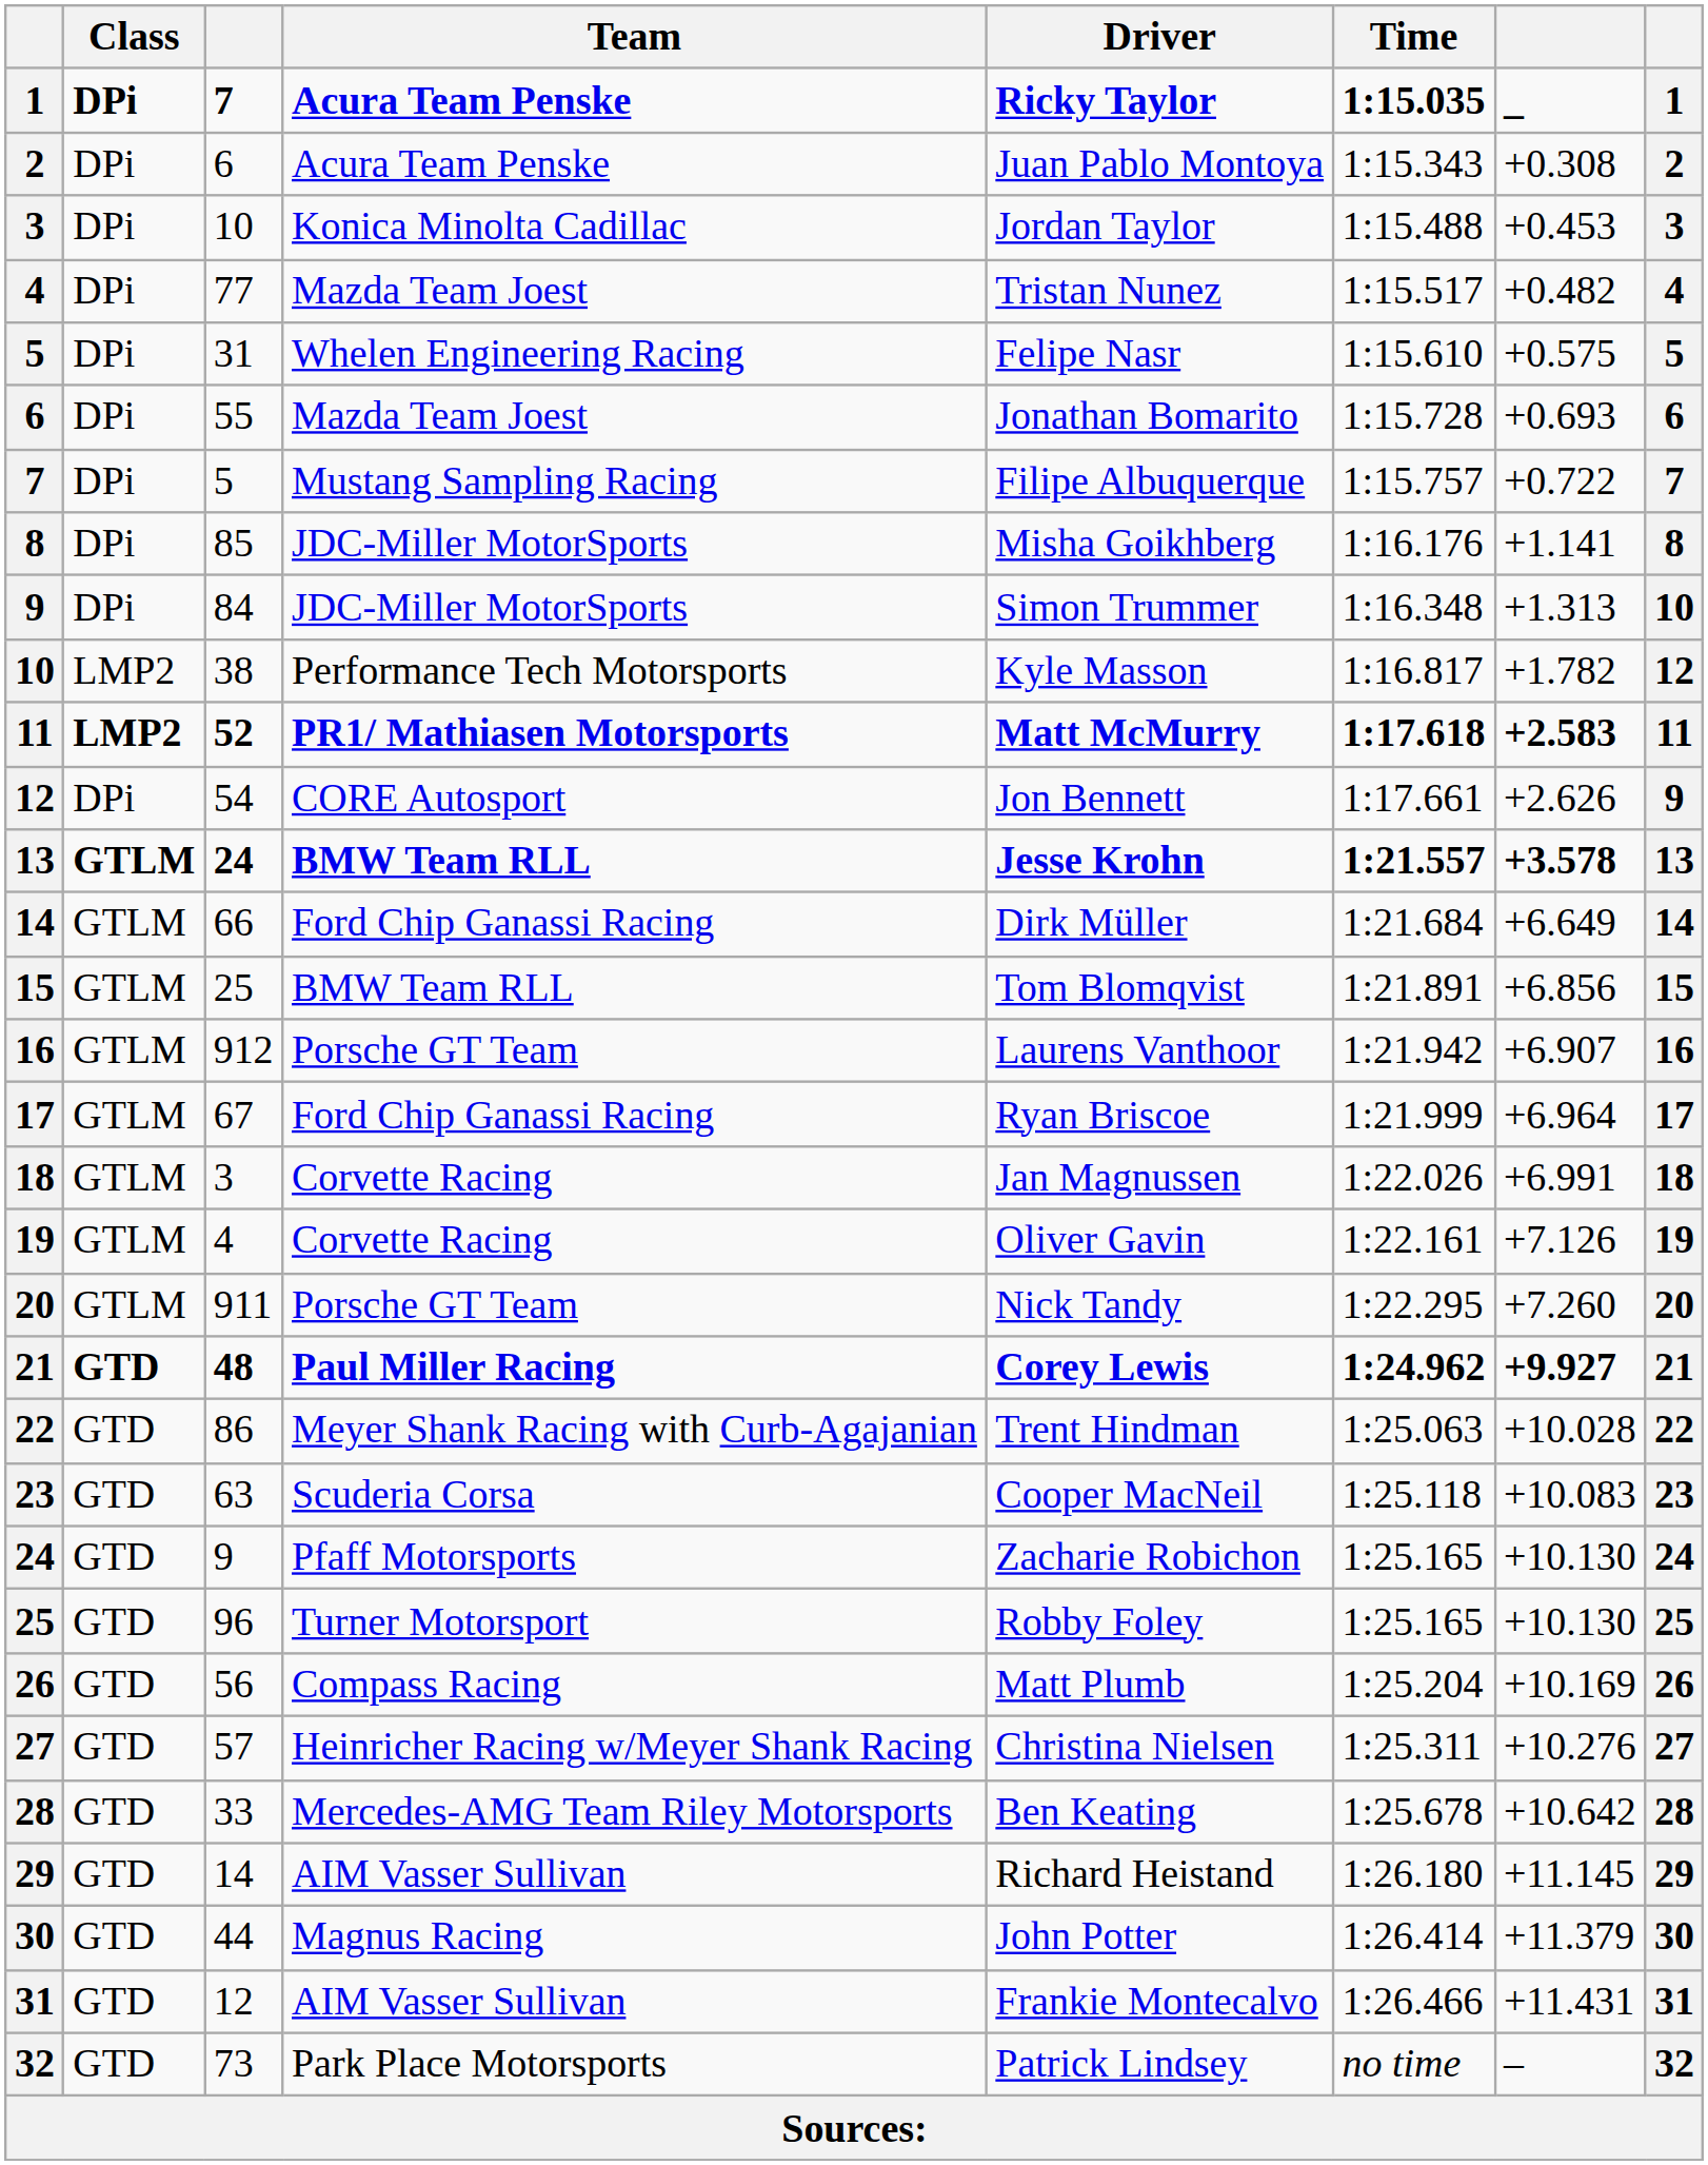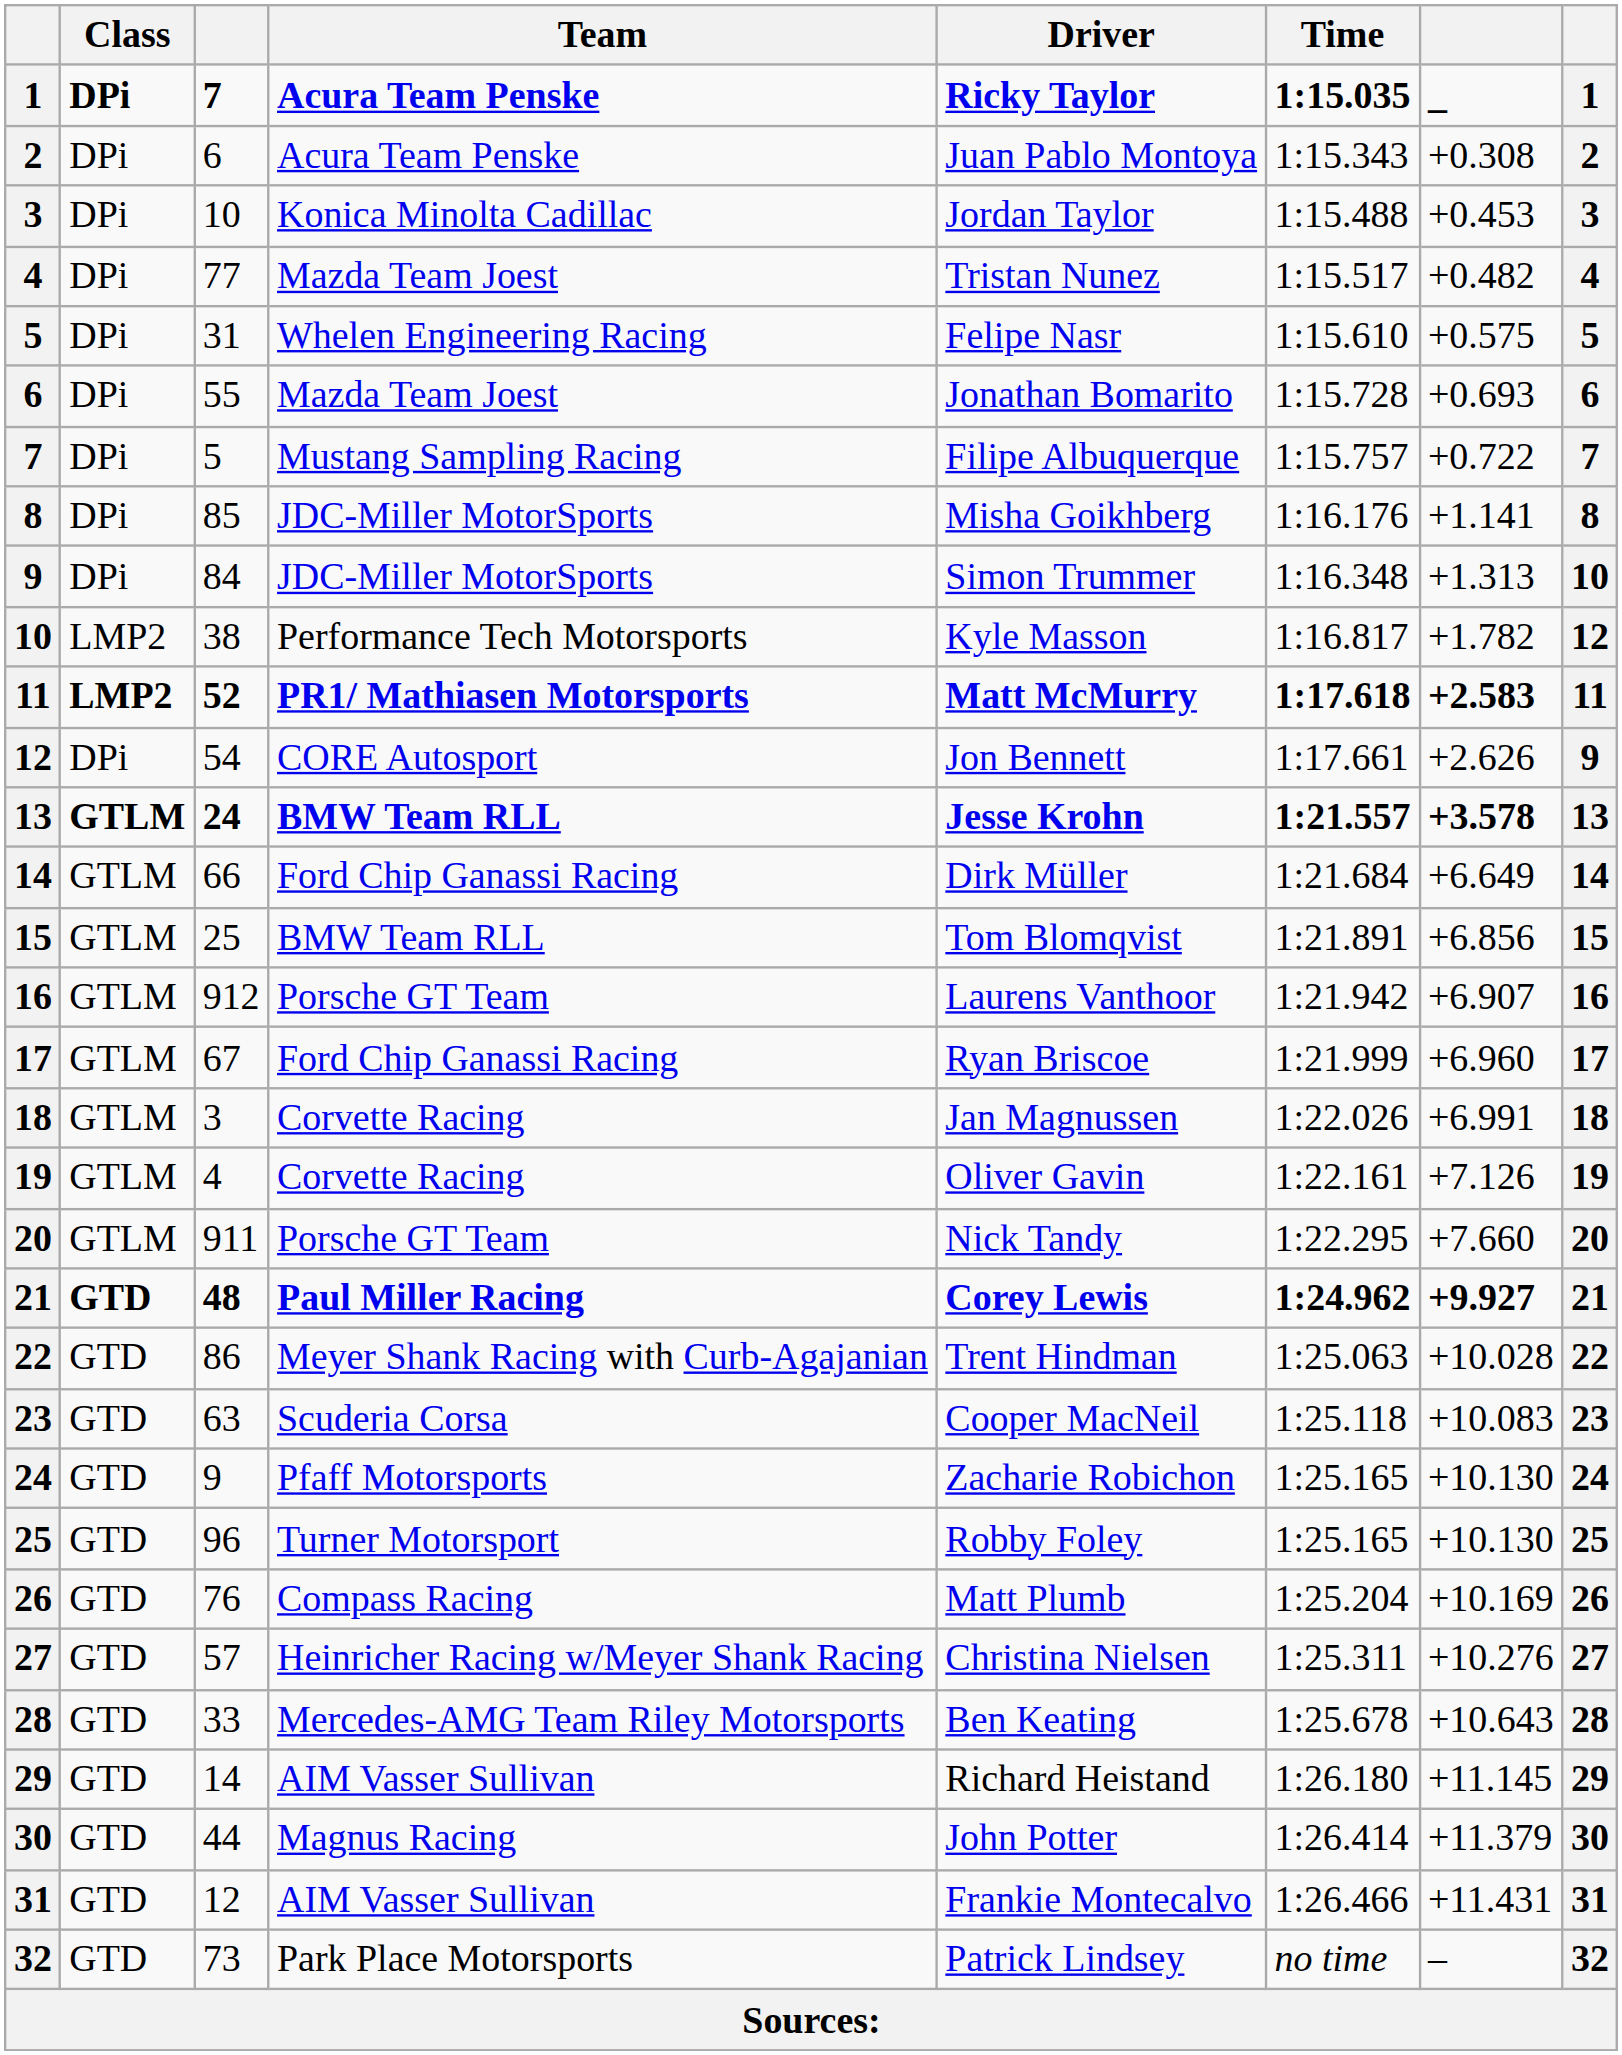 <table class="wikitable">
 <tr>
 <th scope="col"></th>
 <th scope="col">Class</th>
 <th scope="col"></th>
 <th scope="col">Team</th>
 <th scope="col">Driver</th>
 <th scope="col">Time</th>
 <th scope="col"></th>
 <th scope="col"></th>
 </tr>
 <tr style="font-weight:bold">
 <th scope="row">1</th>
 <td>DPi</td>
 <td>7</td>
 <td> <a href='#'>Acura Team Penske</a></td>
 <td> <a href='#'>Ricky Taylor</a></td>
 <td>1:15.035</td>
 <td>_</td>
 <th><strong>1</strong></th>
 </tr>
 <tr>
 <th scope="row">2</th>
 <td>DPi</td>
 <td>6</td>
 <td> <a href='#'>Acura Team Penske</a></td>
 <td> <a href='#'>Juan Pablo Montoya</a></td>
 <td>1:15.343</td>
 <td>+0.308</td>
 <th>2</th>
 </tr>
 <tr>
 <th scope="row">3</th>
 <td>DPi</td>
 <td>10</td>
 <td> <a href='#'>Konica Minolta Cadillac</a></td>
 <td> <a href='#'>Jordan Taylor</a></td>
 <td>1:15.488</td>
 <td>+0.453</td>
 <th>3</th>
 </tr>
 <tr>
 <th scope="row">4</th>
 <td>DPi</td>
 <td>77</td>
 <td> <a href='#'>Mazda Team Joest</a></td>
 <td> <a href='#'>Tristan Nunez</a></td>
 <td>1:15.517</td>
 <td>+0.482</td>
 <th>4</th>
 </tr>
 <tr>
 <th scope="row">5</th>
 <td>DPi</td>
 <td>31</td>
 <td> <a href='#'>Whelen Engineering Racing</a></td>
 <td> <a href='#'>Felipe Nasr</a></td>
 <td>1:15.610</td>
 <td>+0.575</td>
 <th>5</th>
 </tr>
 <tr>
 <th scope="row">6</th>
 <td>DPi</td>
 <td>55</td>
 <td> <a href='#'>Mazda Team Joest</a></td>
 <td> <a href='#'>Jonathan Bomarito</a></td>
 <td>1:15.728</td>
 <td>+0.693</td>
 <th>6</th>
 </tr>
 <tr>
 <th scope="row">7</th>
 <td>DPi</td>
 <td>5</td>
 <td> <a href='#'>Mustang Sampling Racing</a></td>
 <td> <a href='#'>Filipe Albuquerque</a></td>
 <td>1:15.757</td>
 <td>+0.722</td>
 <th>7</th>
 </tr>
 <tr>
 <th scope="row">8</th>
 <td>DPi</td>
 <td>85</td>
 <td> <a href='#'>JDC-Miller MotorSports</a></td>
 <td> <a href='#'>Misha Goikhberg</a></td>
 <td>1:16.176</td>
 <td>+1.141</td>
 <th>8</th>
 </tr>
 <tr>
 <th scope="row">9</th>
 <td>DPi</td>
 <td>84</td>
 <td> <a href='#'>JDC-Miller MotorSports</a></td>
 <td> <a href='#'>Simon Trummer</a></td>
 <td>1:16.348</td>
 <td>+1.313</td>
 <th>10</th>
 </tr>
 <tr>
 <th scope="row">10</th>
 <td>LMP2</td>
 <td>38</td>
 <td> Performance Tech Motorsports</td>
 <td> <a href='#'>Kyle Masson</a></td>
 <td>1:16.817</td>
 <td>+1.782</td>
 <th>12</th>
 </tr>
 <tr style="font-weight:bold">
 <th scope="row">11</th>
 <td>LMP2</td>
 <td>52</td>
 <td> <a href='#'>PR1/ Mathiasen Motorsports</a></td>
 <td> <a href='#'>Matt McMurry</a></td>
 <td>1:17.618</td>
 <td>+2.583</td>
 <th><strong>11</strong></th>
 </tr>
 <tr>
 <th scope="row">12</th>
 <td>DPi</td>
 <td>54</td>
 <td> <a href='#'>CORE Autosport</a></td>
 <td> <a href='#'>Jon Bennett</a></td>
 <td>1:17.661</td>
 <td>+2.626</td>
 <th>9</th>
 </tr>
 <tr style="font-weight:bold">
 <th scope="row">13</th>
 <td>GTLM</td>
 <td>24</td>
 <td> <a href='#'>BMW Team RLL</a></td>
 <td> <a href='#'>Jesse Krohn</a></td>
 <td>1:21.557</td>
 <td>+3.578</td>
 <th><strong>13</strong></th>
 </tr>
 <tr>
 <th scope="row">14</th>
 <td>GTLM</td>
 <td>66</td>
 <td> <a href='#'>Ford Chip Ganassi Racing</a></td>
 <td> <a href='#'>Dirk Müller</a></td>
 <td>1:21.684</td>
 <td>+6.649</td>
 <th>14</th>
 </tr>
 <tr>
 <th scope="row">15</th>
 <td>GTLM</td>
 <td>25</td>
 <td> <a href='#'>BMW Team RLL</a></td>
 <td> <a href='#'>Tom Blomqvist</a></td>
 <td>1:21.891</td>
 <td>+6.856</td>
 <th>15</th>
 </tr>
 <tr>
 <th scope="row">16</th>
 <td>GTLM</td>
 <td>912</td>
 <td> <a href='#'>Porsche GT Team</a></td>
 <td> <a href='#'>Laurens Vanthoor</a></td>
 <td>1:21.942</td>
 <td>+6.907</td>
 <th>16</th>
 </tr>
 <tr>
 <th scope="row">17</th>
 <td>GTLM</td>
 <td>67</td>
 <td> <a href='#'>Ford Chip Ganassi Racing</a></td>
 <td> <a href='#'>Ryan Briscoe</a></td>
 <td>1:21.999</td>
-<td>+6.964</td>
+<td>+6.960</td>
 <th>17</th>
 </tr>
 <tr>
 <th scope="row">18</th>
 <td>GTLM</td>
 <td>3</td>
 <td> <a href='#'>Corvette Racing</a></td>
 <td> <a href='#'>Jan Magnussen</a></td>
 <td>1:22.026</td>
 <td>+6.991</td>
 <th>18</th>
 </tr>
 <tr>
 <th scope="row">19</th>
 <td>GTLM</td>
 <td>4</td>
 <td> <a href='#'>Corvette Racing</a></td>
 <td> <a href='#'>Oliver Gavin</a></td>
 <td>1:22.161</td>
 <td>+7.126</td>
 <th>19</th>
 </tr>
 <tr>
 <th scope="row">20</th>
 <td>GTLM</td>
 <td>911</td>
 <td> <a href='#'>Porsche GT Team</a></td>
 <td> <a href='#'>Nick Tandy</a></td>
 <td>1:22.295</td>
-<td>+7.260</td>
+<td>+7.660</td>
 <th>20</th>
 </tr>
 <tr style="font-weight:bold">
 <th scope="row">21</th>
 <td>GTD</td>
 <td>48</td>
 <td> <a href='#'>Paul Miller Racing</a></td>
 <td> <a href='#'>Corey Lewis</a></td>
 <td>1:24.962</td>
 <td>+9.927</td>
 <th><strong>21</strong></th>
 </tr>
 <tr>
 <th scope="row">22</th>
 <td>GTD</td>
 <td>86</td>
 <td> <a href='#'>Meyer Shank Racing</a> with <a href='#'>Curb-Agajanian</a></td>
 <td> <a href='#'>Trent Hindman</a></td>
 <td>1:25.063</td>
 <td>+10.028</td>
 <th>22</th>
 </tr>
 <tr>
 <th scope="row">23</th>
 <td>GTD</td>
 <td>63</td>
 <td> <a href='#'>Scuderia Corsa</a></td>
 <td> <a href='#'>Cooper MacNeil</a></td>
 <td>1:25.118</td>
 <td>+10.083</td>
 <th>23</th>
 </tr>
 <tr>
 <th scope="row">24</th>
 <td>GTD</td>
 <td>9</td>
 <td> <a href='#'>Pfaff Motorsports</a></td>
 <td> <a href='#'>Zacharie Robichon</a></td>
 <td>1:25.165</td>
 <td>+10.130</td>
 <th>24</th>
 </tr>
 <tr>
 <th scope="row">25</th>
 <td>GTD</td>
 <td>96</td>
 <td> <a href='#'>Turner Motorsport</a></td>
 <td> <a href='#'>Robby Foley</a></td>
 <td>1:25.165</td>
 <td>+10.130</td>
 <th>25</th>
 </tr>
 <tr>
 <th scope="row">26</th>
 <td>GTD</td>
-<td>56</td>
+<td>76</td>
 <td> <a href='#'>Compass Racing</a></td>
 <td> <a href='#'>Matt Plumb</a></td>
 <td>1:25.204</td>
 <td>+10.169</td>
 <th>26</th>
 </tr>
 <tr>
 <th scope="row">27</th>
 <td>GTD</td>
 <td>57</td>
 <td> <a href='#'>Heinricher Racing w/Meyer Shank Racing</a></td>
 <td> <a href='#'>Christina Nielsen</a></td>
 <td>1:25.311</td>
 <td>+10.276</td>
 <th>27</th>
 </tr>
 <tr>
 <th scope="row">28</th>
 <td>GTD</td>
 <td>33</td>
 <td> <a href='#'>Mercedes-AMG Team Riley Motorsports</a></td>
 <td> <a href='#'>Ben Keating</a></td>
 <td>1:25.678</td>
-<td>+10.642</td>
+<td>+10.643</td>
 <th>28</th>
 </tr>
 <tr>
 <th scope="row">29</th>
 <td>GTD</td>
 <td>14</td>
 <td> <a href='#'>AIM Vasser Sullivan</a></td>
 <td> Richard Heistand</td>
 <td>1:26.180</td>
 <td>+11.145</td>
 <th>29</th>
 </tr>
 <tr>
 <th scope="row">30</th>
 <td>GTD</td>
 <td>44</td>
 <td> <a href='#'>Magnus Racing</a></td>
 <td> <a href='#'>John Potter</a></td>
 <td>1:26.414</td>
 <td>+11.379</td>
 <th>30</th>
 </tr>
 <tr>
 <th scope="row">31</th>
 <td>GTD</td>
 <td>12</td>
 <td> <a href='#'>AIM Vasser Sullivan</a></td>
 <td> <a href='#'>Frankie Montecalvo</a></td>
 <td>1:26.466</td>
 <td>+11.431</td>
 <th>31</th>
 </tr>
 <tr>
 <th scope="row">32</th>
 <td>GTD</td>
 <td>73</td>
 <td> Park Place Motorsports</td>
 <td> <a href='#'>Patrick Lindsey</a></td>
 <td><em>no time</em></td>
 <td>–</td>
 <th>32</th>
 </tr>
 <tr>
 <th colspan="8">Sources:</th>
 </tr>
 <tr>
 </tr>
 </table>
